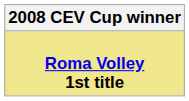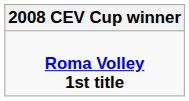 <table class=wikitable style="text-align:center; margin:auto">
 <tr>
 <th>2008 CEV Cup winner</th>
 </tr>
 <tr>
-<td style="background: khaki;"><br><strong><a href='#'>Roma Volley</a></strong><br> <strong>1st title</strong></td>
+<td><br><strong><a href='#'>Roma Volley</a></strong><br> <strong>1st title</strong></td>
 </tr>
 </table>
